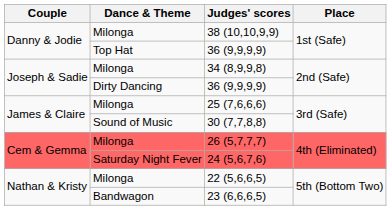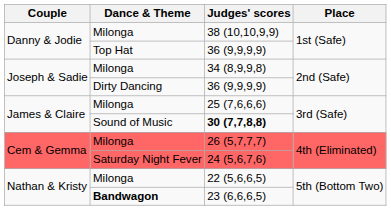 <table class="wikitable sortable">
 <tr>
 <th>Couple</th>
 <th>Dance & Theme</th>
 <th>Judges' scores</th>
 <th>Place</th>
 </tr>
 <tr>
 <td rowspan="2">Danny & Jodie</td>
 <td>Milonga</td>
 <td>38 (10,10,9,9)</td>
 <td rowspan="2">1st (Safe)</td>
 </tr>
 <tr>
 <td>Top Hat</td>
 <td>36 (9,9,9,9)</td>
 </tr>
 <tr>
 <td rowspan="2">Joseph & Sadie</td>
 <td>Milonga</td>
 <td>34 (8,9,9,8)</td>
 <td rowspan="2">2nd (Safe)</td>
 </tr>
 <tr>
 <td>Dirty Dancing</td>
 <td>36 (9,9,9,9)</td>
 </tr>
 <tr>
 <td rowspan="2">James & Claire</td>
 <td>Milonga</td>
 <td>25 (7,6,6,6)</td>
 <td rowspan="2">3rd (Safe)</td>
 </tr>
 <tr>
 <td>Sound of Music</td>
-<td>30 (7,7,8,8)</td>
+<td><strong>30 (7,7,8,8)</strong></td>
 </tr>
 <tr bgcolor=#ff6666>
 <td rowspan="2">Cem & Gemma</td>
 <td>Milonga</td>
 <td>26 (5,7,7,7)</td>
 <td rowspan="2">4th (Eliminated)</td>
 </tr>
 <tr bgcolor=#ff6666>
 <td>Saturday Night Fever</td>
 <td>24 (5,6,7,6)</td>
 </tr>
 <tr>
 <td rowspan="2">Nathan & Kristy</td>
 <td>Milonga</td>
 <td>22 (5,6,6,5)</td>
 <td rowspan="2">5th (Bottom Two)</td>
 </tr>
 <tr>
-<td>Bandwagon</td>
+<td><strong>Bandwagon</strong></td>
 <td>23 (6,6,6,5)</td>
 </tr>
 </table>
